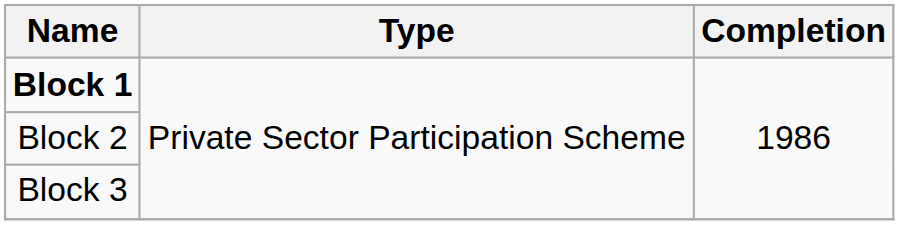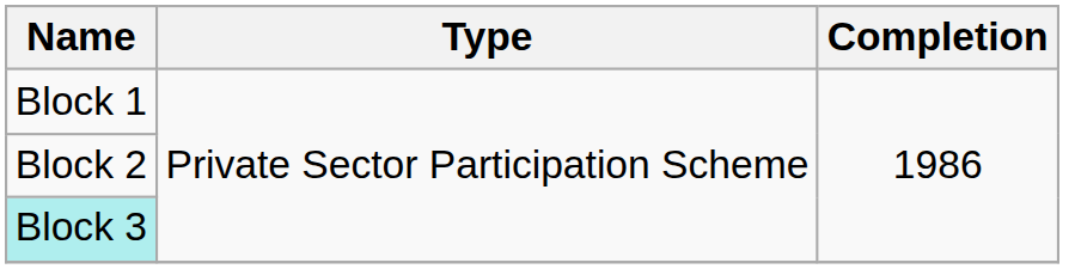 <table class="wikitable" style="text-align: center">
 <tr>
 <th>Name</th>
 <th>Type</th>
 <th>Completion</th>
 </tr>
 <tr>
-<td><strong>Block 1</strong></td>
+<td>Block 1</td>
 <td rowspan="3">Private Sector Participation Scheme</td>
 <td rowspan="3">1986</td>
 </tr>
 <tr>
 <td>Block 2</td>
 </tr>
 <tr>
-<td>Block 3</td>
+<td style="background: paleturquoise;">Block 3</td>
 </tr>
 <tr>
 </tr>
 </table>
